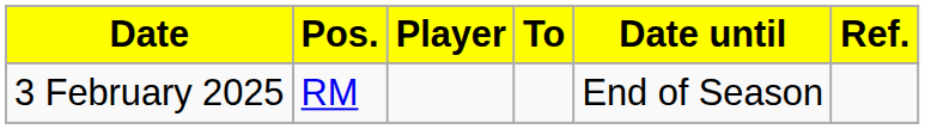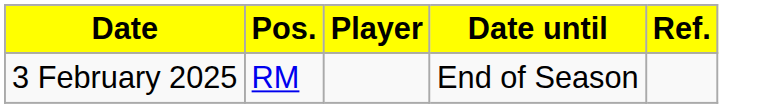 <table class="wikitable plainrowheaders sortable">
 <tr>
 <th style="background: yellow; color: black; ">Date</th>
 <th style="background: yellow; color: black; ">Pos.</th>
 <th style="background: yellow; color: black; ">Player</th>
-<th style="background: yellow; color: black; ">To</th>
 <th style="background: yellow; color: black; ">Date until</th>
 <th style="background: yellow; color: black; ">Ref.</th>
 </tr>
 <tr>
 <td>3 February 2025</td>
 <td><a href='#'>RM</a></td>
 <td></td>
-<td></td>
 <td>End of Season</td>
 <td></td>
 </tr>
 </table>
